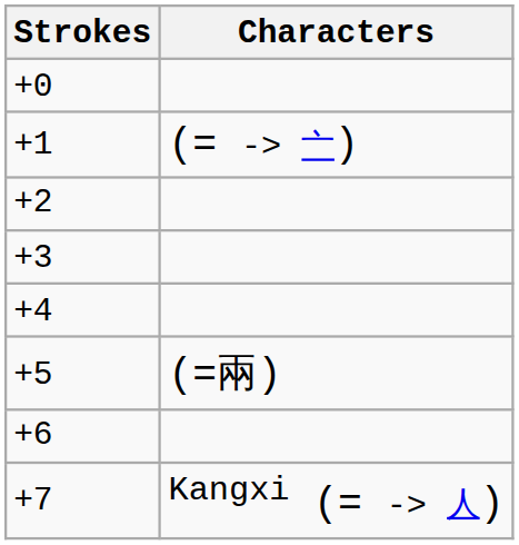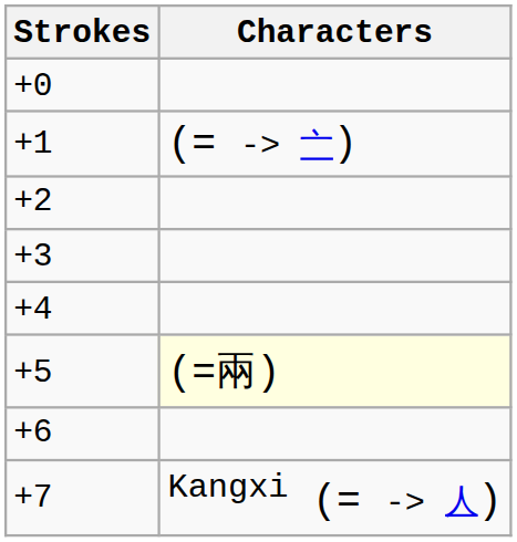 <table class="wikitable">
 <tr>
 <th>Strokes</th>
 <th>Characters</th>
 </tr>
 <tr --->
 <td>+0</td>
 <td style="font-size: large;"></td>
 </tr>
 <tr --->
 <td>+1</td>
 <td style="font-size: large;"> (= <small>-> <a href='#'>亠</a></small>)</td>
 </tr>
 <tr --->
 <td>+2</td>
 <td style="font-size: large;"></td>
 </tr>
 <tr --->
 <td>+3</td>
 <td style="font-size: large;"> </td>
 </tr>
 <tr --->
 <td>+4</td>
 <td style="font-size: large;"> </td>
 </tr>
 <tr --->
 <td>+5</td>
-<td style="font-size: large;"> (=兩) </td>
+<td style="background: lightyellow; font-size: large;"> (=兩) </td>
 </tr>
 <tr --->
 <td>+6</td>
 <td style="font-size: large;"></td>
 </tr>
 <tr --->
 <td>+7</td>
 <td style="font-size: large;"><sup>Kangxi</sup> (= <small>-> <a href='#'>人</a></small>)</td>
 </tr>
 </table>
